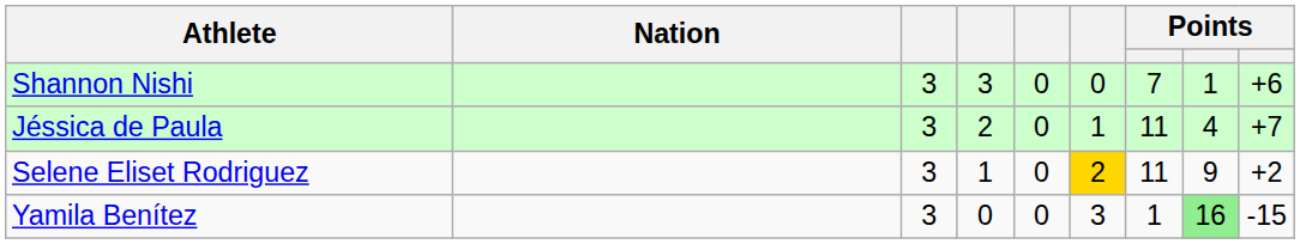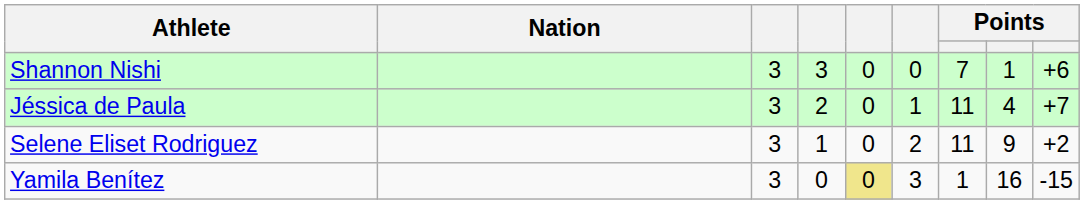 <table class="wikitable" style="text-align: center; font-size:100% ">
 <tr>
 <th rowspan=2 width=250>Athlete</th>
 <th rowspan=2 width=250>Nation</th>
 <th rowspan=2 width=25></th>
 <th rowspan=2 width=25></th>
 <th rowspan=2 width=25></th>
 <th rowspan=2 width=25></th>
 <th colspan=3>Points</th>
 </tr>
 <tr>
 <th width=25></th>
 <th width=25></th>
 <th width=25></th>
 </tr>
 <tr bgcolor="ccffcc">
 <td align=left><a href='#'>Shannon Nishi</a></td>
 <td align=left></td>
 <td>3</td>
 <td>3</td>
 <td>0</td>
 <td>0</td>
 <td>7</td>
 <td>1</td>
 <td>+6</td>
 </tr>
 <tr bgcolor="ccffcc">
 <td align=left><a href='#'>Jéssica de Paula</a></td>
 <td align=left></td>
 <td>3</td>
 <td>2</td>
 <td>0</td>
 <td>1</td>
 <td>11</td>
 <td>4</td>
 <td>+7</td>
 </tr>
 <tr>
 <td align=left><a href='#'>Selene Eliset Rodriguez</a></td>
 <td align=left></td>
 <td>3</td>
 <td>1</td>
 <td>0</td>
-<td style="background: gold;">2</td>
+<td>2</td>
 <td>11</td>
 <td>9</td>
 <td>+2</td>
 </tr>
 <tr>
 <td align=left><a href='#'>Yamila Benítez</a></td>
 <td align=left></td>
 <td>3</td>
 <td>0</td>
-<td>0</td>
+<td style="background: khaki;">0</td>
 <td>3</td>
 <td>1</td>
-<td style="background: lightgreen;">16</td>
+<td>16</td>
 <td>-15</td>
 </tr>
 </table>
